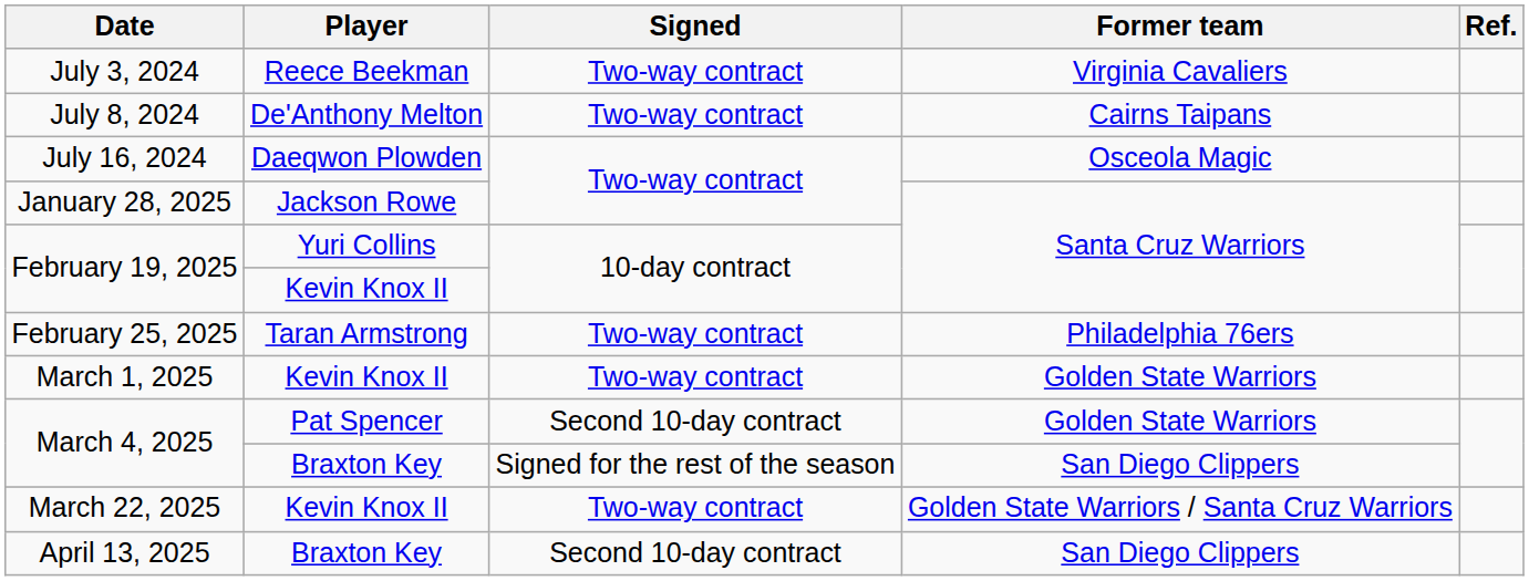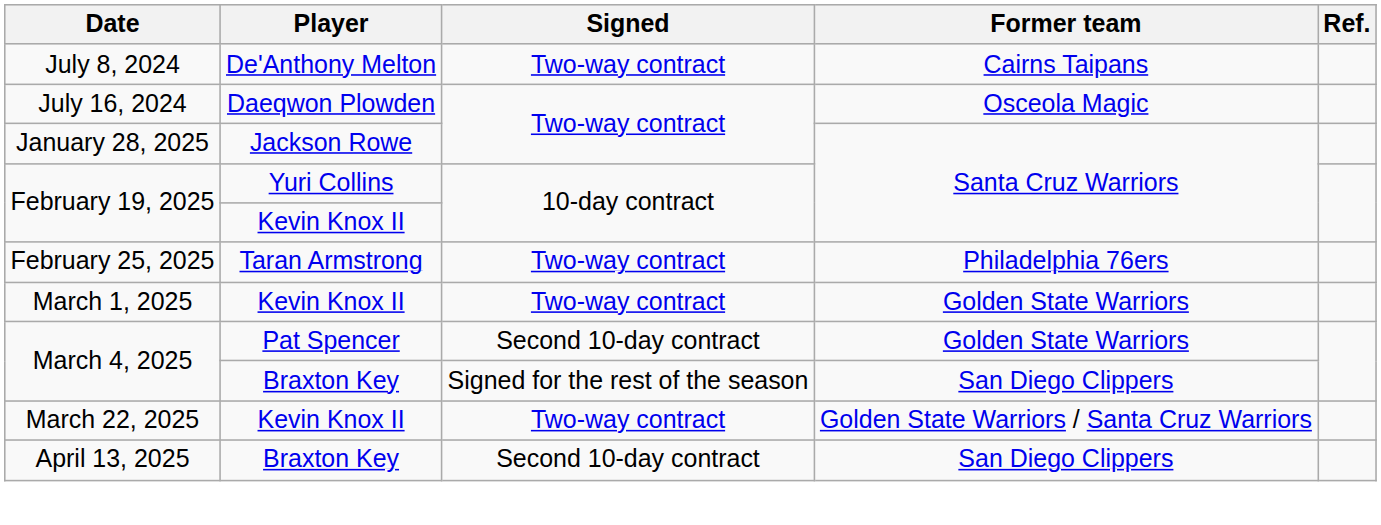 <table class="wikitable sortable sortable" style="text-align: center">
 <tr>
 <th>Date</th>
 <th>Player</th>
 <th>Signed</th>
 <th>Former team</th>
 <th>Ref.</th>
-</tr>
-<tr>
-<td>July 3, 2024</td>
-<td><a href='#'>Reece Beekman</a></td>
-<td><a href='#'>Two-way contract</a></td>
-<td><a href='#'>Virginia Cavaliers</a> </td>
-<td></td>
 </tr>
 <tr>
 <td>July 8, 2024</td>
 <td><a href='#'>De'Anthony Melton</a></td>
 <td><a href='#'>Two-way contract</a></td>
 <td> <a href='#'>Cairns Taipans</a> </td>
 <td></td>
 </tr>
 <tr>
 <td>July 16, 2024</td>
 <td><a href='#'>Daeqwon Plowden</a></td>
 <td rowspan="2"><a href='#'>Two-way contract</a></td>
 <td><a href='#'>Osceola Magic</a> </td>
 <td></td>
 </tr>
 <tr>
 <td>January 28, 2025</td>
 <td><a href='#'>Jackson Rowe</a></td>
 <td rowspan="3"><a href='#'>Santa Cruz Warriors</a> </td>
 <td></td>
 </tr>
 <tr>
 <td rowspan="2">February 19, 2025</td>
 <td><a href='#'>Yuri Collins</a></td>
 <td rowspan="2">10-day contract</td>
 <td rowspan="2"></td>
 </tr>
 <tr>
 <td><a href='#'>Kevin Knox II</a></td>
 </tr>
 <tr>
 <td>February 25, 2025</td>
 <td><a href='#'>Taran Armstrong</a></td>
 <td><a href='#'>Two-way contract</a></td>
 <td><a href='#'>Philadelphia 76ers</a></td>
 <td></td>
 </tr>
 <tr>
 <td>March 1, 2025</td>
 <td><a href='#'>Kevin Knox II</a></td>
 <td><a href='#'>Two-way contract</a></td>
 <td><a href='#'>Golden State Warriors</a></td>
 <td></td>
 </tr>
 <tr>
 <td rowspan="2">March 4, 2025</td>
 <td><a href='#'>Pat Spencer</a></td>
 <td>Second 10-day contract</td>
 <td><a href='#'>Golden State Warriors</a></td>
 <td rowspan="2"></td>
 </tr>
 <tr>
 <td><a href='#'>Braxton Key</a></td>
 <td>Signed for the rest of the season</td>
 <td><a href='#'>San Diego Clippers</a> </td>
 </tr>
 <tr>
 <td>March 22, 2025</td>
 <td><a href='#'>Kevin Knox II</a></td>
 <td><a href='#'>Two-way contract</a></td>
 <td><a href='#'>Golden State Warriors</a> / <a href='#'>Santa Cruz Warriors</a> </td>
 <td></td>
 </tr>
 <tr>
 <td>April 13, 2025</td>
 <td><a href='#'>Braxton Key</a></td>
 <td>Second 10-day contract</td>
 <td><a href='#'>San Diego Clippers</a> </td>
 <td></td>
 </tr>
 </table>
